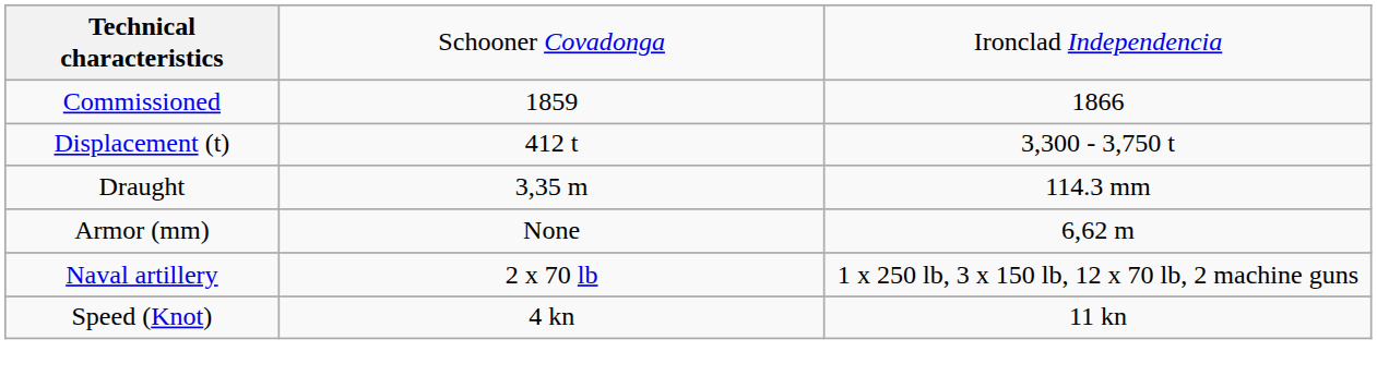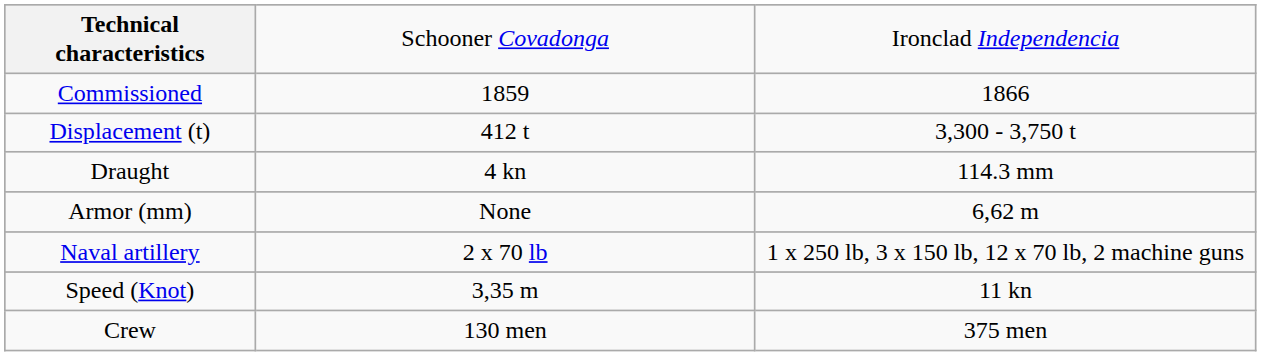 <table class="wikitable plainrowheaders" style="float: center; margin-center: 2em; margin-center: 1em; text-align: center; font-size:90%; width:750px;">
 <tr>
 <th width=20%>Technical characteristics</th>
 <td width=40%>Schooner <a href='#'><em>Covadonga</em></a> </td>
 <td width=40%>Ironclad <a href='#'><em>Independencia</em></a> </td>
 </tr>
 <tr>
 <td><a href='#'>Commissioned</a></td>
 <td>1859</td>
 <td>1866</td>
 </tr>
 <tr>
 <td><a href='#'>Displacement</a> (t)</td>
 <td>412 t</td>
 <td>3,300 - 3,750 t</td>
 </tr>
 <tr>
 <td>Draught</td>
-<td>3,35 m</td>
+<td>4 kn<br></td>
 <td>114.3 mm</td>
 </tr>
 <tr>
 <td>Armor (mm)</td>
 <td>None</td>
 <td>6,62 m</td>
 </tr>
 <tr>
 <td><a href='#'>Naval artillery</a></td>
 <td>2 x 70 <a href='#'>lb</a><br></td>
 <td>1 x 250 lb, 3 x 150 lb, 12 x 70 lb, 2 machine guns</td>
 </tr>
 <tr>
 <td>Speed (<a href='#'>Knot</a>)</td>
-<td>4 kn<br></td>
+<td>3,35 m</td>
 <td>11 kn</td>
 </tr>
+<tr>
+<td>Crew</td>
+<td>130 men</td>
+<td>375 men</td>
+</tr>
 </table>
